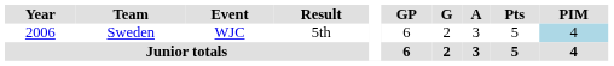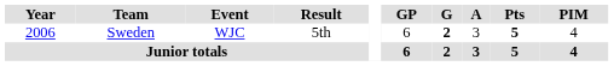 <table border="0" cellpadding="1" cellspacing="0" style="text-align:center; width:40em">
 <tr ALIGN="center" bgcolor="#e0e0e0">
 <th>Year</th>
 <th>Team</th>
 <th>Event</th>
 <th>Result</th>
 <th rowspan="99" bgcolor="#ffffff"> </th>
 <th>GP</th>
 <th>G</th>
 <th>A</th>
 <th>Pts</th>
 <th>PIM</th>
 </tr>
 <tr>
 <td><a href='#'>2006</a></td>
 <td><a href='#'>Sweden</a></td>
 <td><a href='#'>WJC</a></td>
 <td>5th</td>
 <td>6</td>
-<td>2</td>
+<td><strong>2</strong></td>
 <td>3</td>
-<td>5</td>
-<td style="background: lightblue;">4</td>
+<td><strong>5</strong></td>
+<td>4</td>
 </tr>
 <tr bgcolor="#e0e0e0">
 <th colspan="4">Junior totals</th>
 <th>6</th>
 <th>2</th>
 <th>3</th>
 <th>5</th>
 <th>4</th>
 </tr>
 </table>
